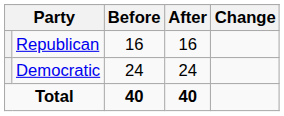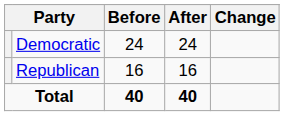 <table class="wikitable" style="text-align:center;">
 <tr>
 </tr>
 <tr>
 <th colspan=2>Party</th>
 <th>Before</th>
 <th>After</th>
 <th>Change</th>
 </tr>
 <tr>
 <th style="background-color:"></th>
-<td style="text-align:left;"><a href='#'>Republican</a></td>
-<td>16</td>
-<td>16</td>
+<td style="text-align:left;"><a href='#'>Democratic</a></td>
+<td>24</td>
+<td>24</td>
 <td></td>
 </tr>
 <tr>
 <th style="background-color:"></th>
-<td style="text-align:left;"><a href='#'>Democratic</a></td>
-<td>24</td>
-<td>24</td>
+<td style="text-align:left;"><a href='#'>Republican</a></td>
+<td>16</td>
+<td>16</td>
 <td></td>
 </tr>
 <tr>
 <td colspan=2><strong>Total</strong></td>
 <td><strong>40</strong></td>
 <td><strong>40</strong></td>
 </tr>
 </table>
